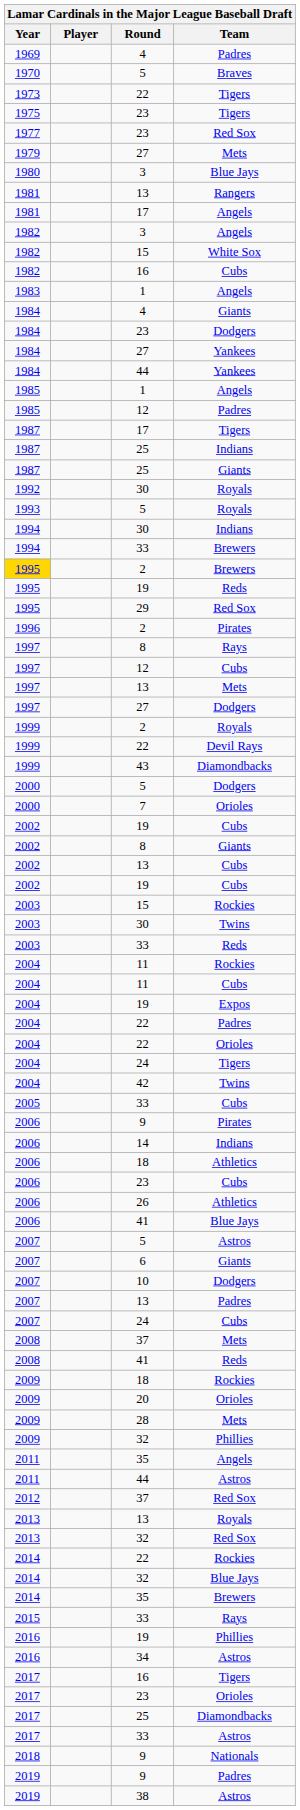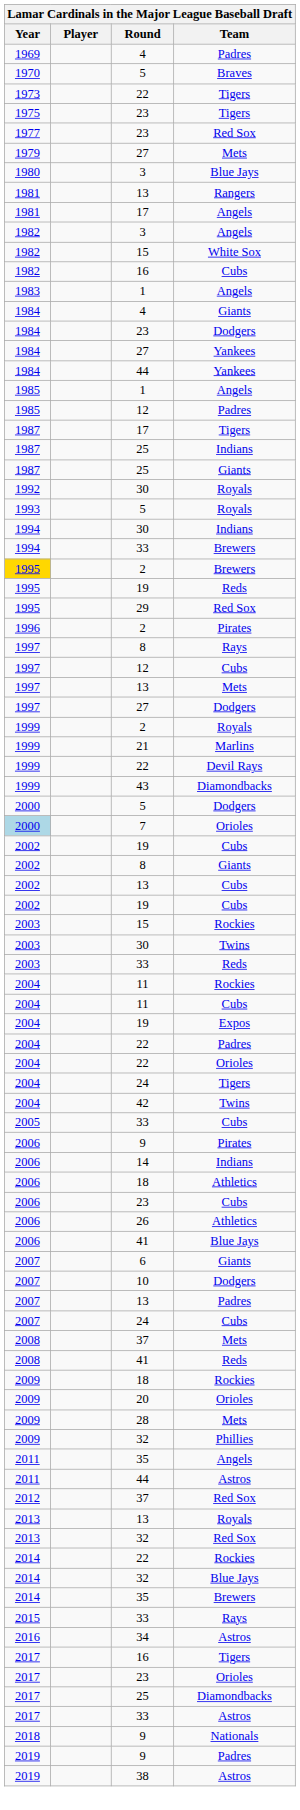 <table class="wikitable sortable collapsible collapsed" style="text-align:center">
 <tr>
 <th colspan=4>Lamar Cardinals in the Major League Baseball Draft</th>
 </tr>
 <tr>
 <th>Year</th>
 <th>Player</th>
 <th>Round</th>
 <th>Team</th>
 </tr>
 <tr>
 <td><a href='#'>1969</a></td>
 <td></td>
 <td>4</td>
 <td><a href='#'>Padres</a></td>
 </tr>
 <tr>
 <td><a href='#'>1970</a></td>
 <td></td>
 <td>5</td>
 <td><a href='#'>Braves</a></td>
 </tr>
 <tr>
 <td><a href='#'>1973</a></td>
 <td></td>
 <td>22</td>
 <td><a href='#'>Tigers</a></td>
 </tr>
 <tr>
 <td><a href='#'>1975</a></td>
 <td></td>
 <td>23</td>
 <td><a href='#'>Tigers</a></td>
 </tr>
 <tr>
 <td><a href='#'>1977</a></td>
 <td></td>
 <td>23</td>
 <td><a href='#'>Red Sox</a></td>
 </tr>
 <tr>
 <td><a href='#'>1979</a></td>
 <td></td>
 <td>27</td>
 <td><a href='#'>Mets</a></td>
 </tr>
 <tr>
 <td><a href='#'>1980</a></td>
 <td></td>
 <td>3</td>
 <td><a href='#'>Blue Jays</a></td>
 </tr>
 <tr>
 <td><a href='#'>1981</a></td>
 <td></td>
 <td>13</td>
 <td><a href='#'>Rangers</a></td>
 </tr>
 <tr>
 <td><a href='#'>1981</a></td>
 <td></td>
 <td>17</td>
 <td><a href='#'>Angels</a></td>
 </tr>
 <tr>
 <td><a href='#'>1982</a></td>
 <td></td>
 <td>3</td>
 <td><a href='#'>Angels</a></td>
 </tr>
 <tr>
 <td><a href='#'>1982</a></td>
 <td></td>
 <td>15</td>
 <td><a href='#'>White Sox</a></td>
 </tr>
 <tr>
 <td><a href='#'>1982</a></td>
 <td></td>
 <td>16</td>
 <td><a href='#'>Cubs</a></td>
 </tr>
 <tr>
 <td><a href='#'>1983</a></td>
 <td></td>
 <td>1</td>
 <td><a href='#'>Angels</a></td>
 </tr>
 <tr>
 <td><a href='#'>1984</a></td>
 <td></td>
 <td>4</td>
 <td><a href='#'>Giants</a></td>
 </tr>
 <tr>
 <td><a href='#'>1984</a></td>
 <td></td>
 <td>23</td>
 <td><a href='#'>Dodgers</a></td>
 </tr>
 <tr>
 <td><a href='#'>1984</a></td>
 <td></td>
 <td>27</td>
 <td><a href='#'>Yankees</a></td>
 </tr>
 <tr>
 <td><a href='#'>1984</a></td>
 <td></td>
 <td>44</td>
 <td><a href='#'>Yankees</a></td>
 </tr>
 <tr>
 <td><a href='#'>1985</a></td>
 <td></td>
 <td>1</td>
 <td><a href='#'>Angels</a></td>
 </tr>
 <tr>
 <td><a href='#'>1985</a></td>
 <td></td>
 <td>12</td>
 <td><a href='#'>Padres</a></td>
 </tr>
 <tr>
 <td><a href='#'>1987</a></td>
 <td></td>
 <td>17</td>
 <td><a href='#'>Tigers</a></td>
 </tr>
 <tr>
 <td><a href='#'>1987</a></td>
 <td></td>
 <td>25</td>
 <td><a href='#'>Indians</a></td>
 </tr>
 <tr>
 <td><a href='#'>1987</a></td>
 <td></td>
 <td>25</td>
 <td><a href='#'>Giants</a></td>
 </tr>
 <tr>
 <td><a href='#'>1992</a></td>
 <td></td>
 <td>30</td>
 <td><a href='#'>Royals</a></td>
 </tr>
 <tr>
 <td><a href='#'>1993</a></td>
 <td></td>
 <td>5</td>
 <td><a href='#'>Royals</a></td>
 </tr>
 <tr>
 <td><a href='#'>1994</a></td>
 <td></td>
 <td>30</td>
 <td><a href='#'>Indians</a></td>
 </tr>
 <tr>
 <td><a href='#'>1994</a></td>
 <td></td>
 <td>33</td>
 <td><a href='#'>Brewers</a></td>
 </tr>
 <tr>
 <td style="background: gold;"><a href='#'>1995</a></td>
 <td></td>
 <td>2</td>
 <td><a href='#'>Brewers</a></td>
 </tr>
 <tr>
 <td><a href='#'>1995</a></td>
 <td></td>
 <td>19</td>
 <td><a href='#'>Reds</a></td>
 </tr>
 <tr>
 <td><a href='#'>1995</a></td>
 <td></td>
 <td>29</td>
 <td><a href='#'>Red Sox</a></td>
 </tr>
 <tr>
 <td><a href='#'>1996</a></td>
 <td></td>
 <td>2</td>
 <td><a href='#'>Pirates</a></td>
 </tr>
 <tr>
 <td><a href='#'>1997</a></td>
 <td></td>
 <td>8</td>
 <td><a href='#'>Rays</a></td>
 </tr>
 <tr>
 <td><a href='#'>1997</a></td>
 <td></td>
 <td>12</td>
 <td><a href='#'>Cubs</a></td>
 </tr>
 <tr>
 <td><a href='#'>1997</a></td>
 <td></td>
 <td>13</td>
 <td><a href='#'>Mets</a></td>
 </tr>
 <tr>
 <td><a href='#'>1997</a></td>
 <td></td>
 <td>27</td>
 <td><a href='#'>Dodgers</a></td>
 </tr>
 <tr>
 <td><a href='#'>1999</a></td>
 <td></td>
 <td>2</td>
 <td><a href='#'>Royals</a></td>
 </tr>
 <tr>
 <td><a href='#'>1999</a></td>
 <td></td>
+<td>21</td>
+<td><a href='#'>Marlins</a></td>
+</tr>
+<tr>
+<td><a href='#'>1999</a></td>
+<td></td>
 <td>22</td>
 <td><a href='#'>Devil Rays</a></td>
 </tr>
 <tr>
 <td><a href='#'>1999</a></td>
 <td></td>
 <td>43</td>
 <td><a href='#'>Diamondbacks</a></td>
 </tr>
 <tr>
 <td><a href='#'>2000</a></td>
 <td></td>
 <td>5</td>
 <td><a href='#'>Dodgers</a></td>
 </tr>
 <tr>
-<td><a href='#'>2000</a></td>
+<td style="background: lightblue;"><a href='#'>2000</a></td>
 <td></td>
 <td>7</td>
 <td><a href='#'>Orioles</a></td>
 </tr>
 <tr>
 <td><a href='#'>2002</a></td>
 <td></td>
 <td>19</td>
 <td><a href='#'>Cubs</a></td>
 </tr>
 <tr>
 <td><a href='#'>2002</a></td>
 <td></td>
 <td>8</td>
 <td><a href='#'>Giants</a></td>
 </tr>
 <tr>
 <td><a href='#'>2002</a></td>
 <td></td>
 <td>13</td>
 <td><a href='#'>Cubs</a></td>
 </tr>
 <tr>
 <td><a href='#'>2002</a></td>
 <td></td>
 <td>19</td>
 <td><a href='#'>Cubs</a></td>
 </tr>
 <tr>
 <td><a href='#'>2003</a></td>
 <td></td>
 <td>15</td>
 <td><a href='#'>Rockies</a></td>
 </tr>
 <tr>
 <td><a href='#'>2003</a></td>
 <td></td>
 <td>30</td>
 <td><a href='#'>Twins</a></td>
 </tr>
 <tr>
 <td><a href='#'>2003</a></td>
 <td></td>
 <td>33</td>
 <td><a href='#'>Reds</a></td>
 </tr>
 <tr>
 <td><a href='#'>2004</a></td>
 <td></td>
 <td>11</td>
 <td><a href='#'>Rockies</a></td>
 </tr>
 <tr>
 <td><a href='#'>2004</a></td>
 <td></td>
 <td>11</td>
 <td><a href='#'>Cubs</a></td>
 </tr>
 <tr>
 <td><a href='#'>2004</a></td>
 <td></td>
 <td>19</td>
 <td><a href='#'>Expos</a></td>
 </tr>
 <tr>
 <td><a href='#'>2004</a></td>
 <td></td>
 <td>22</td>
 <td><a href='#'>Padres</a></td>
 </tr>
 <tr>
 <td><a href='#'>2004</a></td>
 <td></td>
 <td>22</td>
 <td><a href='#'>Orioles</a></td>
 </tr>
 <tr>
 <td><a href='#'>2004</a></td>
 <td></td>
 <td>24</td>
 <td><a href='#'>Tigers</a></td>
 </tr>
 <tr>
 <td><a href='#'>2004</a></td>
 <td></td>
 <td>42</td>
 <td><a href='#'>Twins</a></td>
 </tr>
 <tr>
 <td><a href='#'>2005</a></td>
 <td></td>
 <td>33</td>
 <td><a href='#'>Cubs</a></td>
 </tr>
 <tr>
 <td><a href='#'>2006</a></td>
 <td></td>
 <td>9</td>
 <td><a href='#'>Pirates</a></td>
 </tr>
 <tr>
 <td><a href='#'>2006</a></td>
 <td></td>
 <td>14</td>
 <td><a href='#'>Indians</a></td>
 </tr>
 <tr>
 <td><a href='#'>2006</a></td>
 <td></td>
 <td>18</td>
 <td><a href='#'>Athletics</a></td>
 </tr>
 <tr>
 <td><a href='#'>2006</a></td>
 <td></td>
 <td>23</td>
 <td><a href='#'>Cubs</a></td>
 </tr>
 <tr>
 <td><a href='#'>2006</a></td>
 <td></td>
 <td>26</td>
 <td><a href='#'>Athletics</a></td>
 </tr>
 <tr>
 <td><a href='#'>2006</a></td>
 <td></td>
 <td>41</td>
 <td><a href='#'>Blue Jays</a></td>
 </tr>
 <tr>
 <td><a href='#'>2007</a></td>
 <td></td>
-<td>5</td>
-<td><a href='#'>Astros</a></td>
-</tr>
-<tr>
-<td><a href='#'>2007</a></td>
-<td></td>
 <td>6</td>
 <td><a href='#'>Giants</a></td>
 </tr>
 <tr>
 <td><a href='#'>2007</a></td>
 <td></td>
 <td>10</td>
 <td><a href='#'>Dodgers</a></td>
 </tr>
 <tr>
 <td><a href='#'>2007</a></td>
 <td></td>
 <td>13</td>
 <td><a href='#'>Padres</a></td>
 </tr>
 <tr>
 <td><a href='#'>2007</a></td>
 <td></td>
 <td>24</td>
 <td><a href='#'>Cubs</a></td>
 </tr>
 <tr>
 <td><a href='#'>2008</a></td>
 <td></td>
 <td>37</td>
 <td><a href='#'>Mets</a></td>
 </tr>
 <tr>
 <td><a href='#'>2008</a></td>
 <td></td>
 <td>41</td>
 <td><a href='#'>Reds</a></td>
 </tr>
 <tr>
 <td><a href='#'>2009</a></td>
 <td></td>
 <td>18</td>
 <td><a href='#'>Rockies</a></td>
 </tr>
 <tr>
 <td><a href='#'>2009</a></td>
 <td></td>
 <td>20</td>
 <td><a href='#'>Orioles</a></td>
 </tr>
 <tr>
 <td><a href='#'>2009</a></td>
 <td></td>
 <td>28</td>
 <td><a href='#'>Mets</a></td>
 </tr>
 <tr>
 <td><a href='#'>2009</a></td>
 <td></td>
 <td>32</td>
 <td><a href='#'>Phillies</a></td>
 </tr>
 <tr>
 <td><a href='#'>2011</a></td>
 <td></td>
 <td>35</td>
 <td><a href='#'>Angels</a></td>
 </tr>
 <tr>
 <td><a href='#'>2011</a></td>
 <td></td>
 <td>44</td>
 <td><a href='#'>Astros</a></td>
 </tr>
 <tr>
 <td><a href='#'>2012</a></td>
 <td></td>
 <td>37</td>
 <td><a href='#'>Red Sox</a></td>
 </tr>
 <tr>
 <td><a href='#'>2013</a></td>
 <td></td>
 <td>13</td>
 <td><a href='#'>Royals</a></td>
 </tr>
 <tr>
 <td><a href='#'>2013</a></td>
 <td></td>
 <td>32</td>
 <td><a href='#'>Red Sox</a></td>
 </tr>
 <tr>
 <td><a href='#'>2014</a></td>
 <td></td>
 <td>22</td>
 <td><a href='#'>Rockies</a></td>
 </tr>
 <tr>
 <td><a href='#'>2014</a></td>
 <td></td>
 <td>32</td>
 <td><a href='#'>Blue Jays</a></td>
 </tr>
 <tr>
 <td><a href='#'>2014</a></td>
 <td></td>
 <td>35</td>
 <td><a href='#'>Brewers</a></td>
 </tr>
 <tr>
 <td><a href='#'>2015</a></td>
 <td></td>
 <td>33</td>
 <td><a href='#'>Rays</a></td>
 </tr>
 <tr>
 <td><a href='#'>2016</a></td>
 <td></td>
-<td>19</td>
-<td><a href='#'>Phillies</a></td>
-</tr>
-<tr>
-<td><a href='#'>2016</a></td>
-<td></td>
 <td>34</td>
 <td><a href='#'>Astros</a></td>
 </tr>
 <tr>
 <td><a href='#'>2017</a></td>
 <td></td>
 <td>16</td>
 <td><a href='#'>Tigers</a></td>
 </tr>
 <tr>
 <td><a href='#'>2017</a></td>
 <td></td>
 <td>23</td>
 <td><a href='#'>Orioles</a></td>
 </tr>
 <tr>
 <td><a href='#'>2017</a></td>
 <td></td>
 <td>25</td>
 <td><a href='#'>Diamondbacks</a></td>
 </tr>
 <tr>
 <td><a href='#'>2017</a></td>
 <td></td>
 <td>33</td>
 <td><a href='#'>Astros</a></td>
 </tr>
 <tr>
 <td><a href='#'>2018</a></td>
 <td></td>
 <td>9</td>
 <td><a href='#'>Nationals</a></td>
 </tr>
 <tr>
 <td><a href='#'>2019</a></td>
 <td></td>
 <td>9</td>
 <td><a href='#'>Padres</a></td>
 </tr>
 <tr>
 <td><a href='#'>2019</a></td>
 <td></td>
 <td>38</td>
 <td><a href='#'>Astros</a></td>
 </tr>
 </table>
